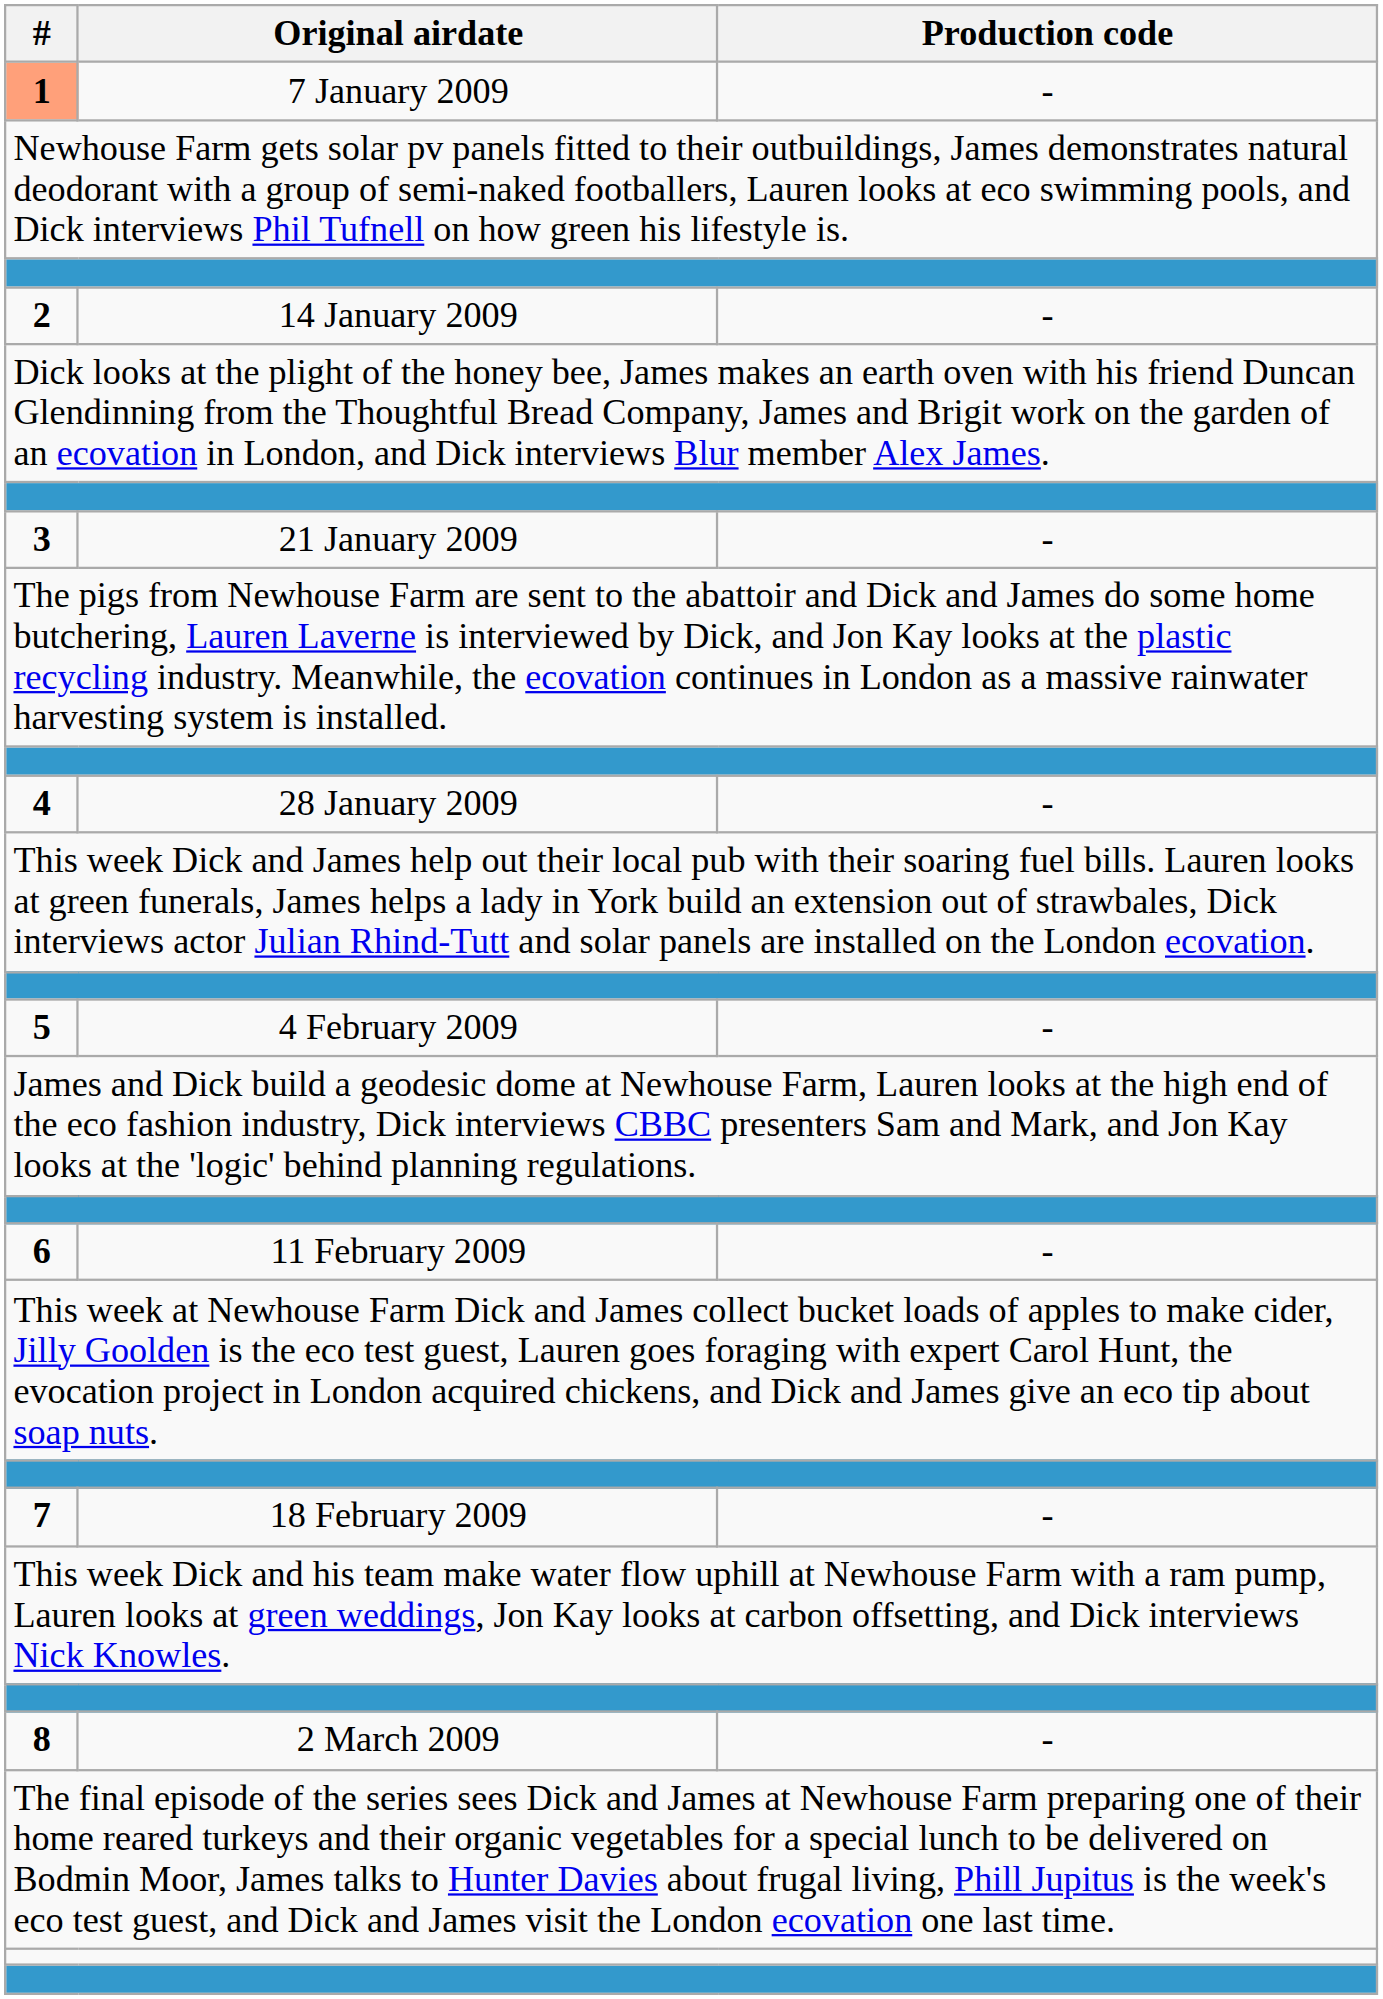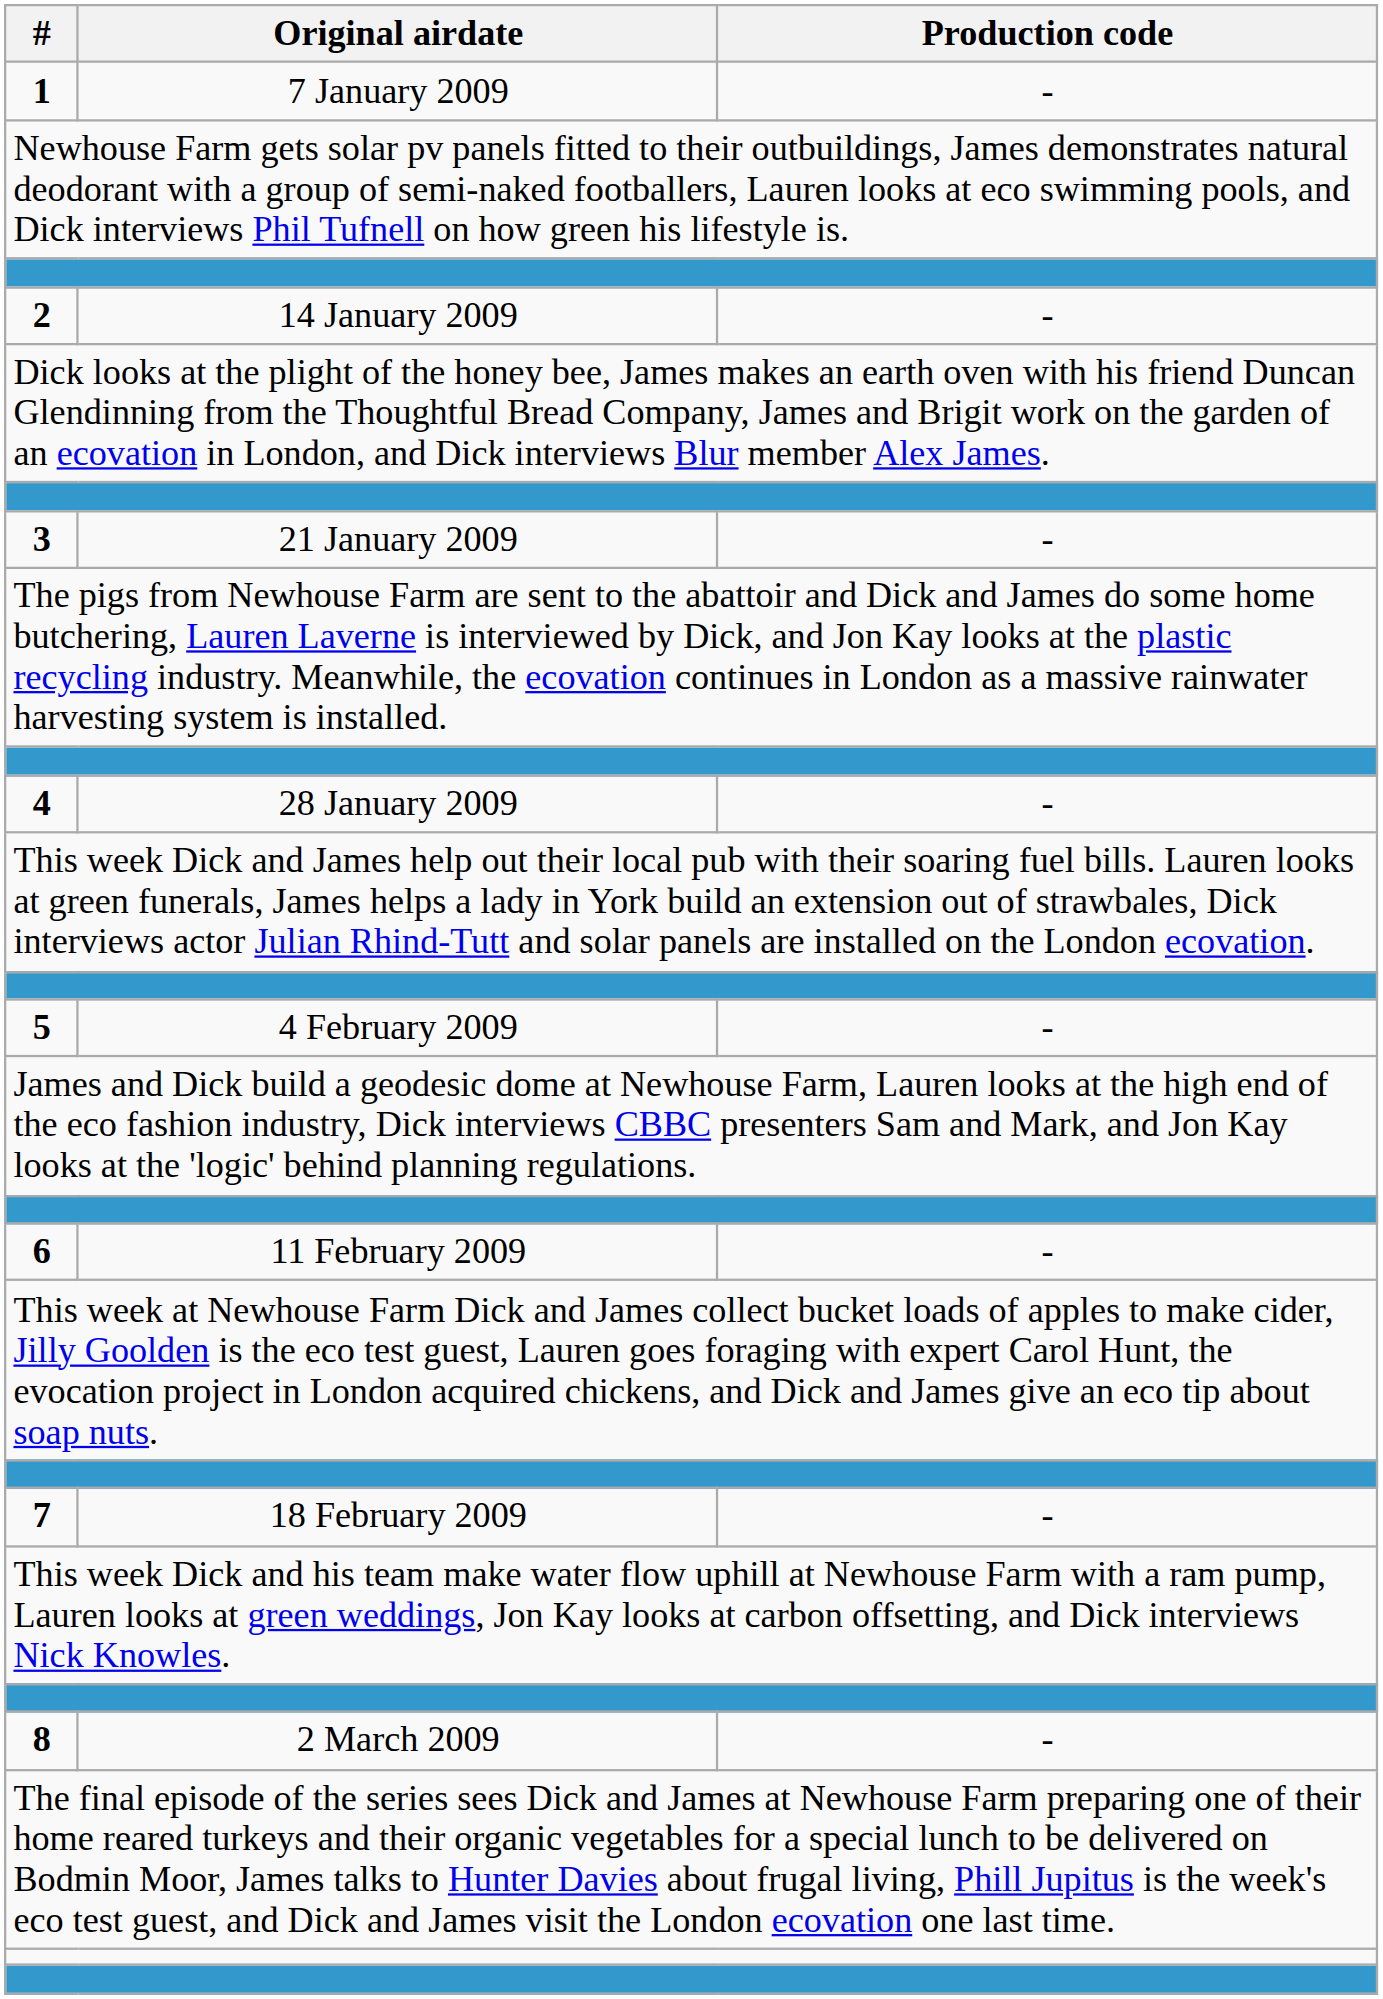 <table class="wikitable">
 <tr>
 <th width="40">#</th>
 <th width="465">Original airdate</th>
 <th width="465">Production code</th>
 </tr>
 <tr>
-<td align="center" style="background: lightsalmon;"><strong> 1 </strong></td>
+<td align="center"><strong> 1 </strong></td>
 <td align="center">7 January 2009</td>
 <td align="center">-</td>
 </tr>
 <tr>
 <td colspan="5">Newhouse Farm gets solar pv panels fitted to their outbuildings, James demonstrates natural deodorant with a group of semi-naked footballers, Lauren looks at eco swimming pools, and Dick interviews <a href='#'>Phil Tufnell</a> on how green his lifestyle is.</td>
 </tr>
 <tr>
 <td colspan="6" height="5" bgcolor="#3399CC"></td>
 </tr>
 <tr>
 <td align="center"><strong> 2 </strong></td>
 <td align="center">14 January 2009</td>
 <td align="center">-</td>
 </tr>
 <tr>
 <td colspan="4">Dick looks at the plight of the honey bee, James makes an earth oven with his friend Duncan Glendinning from the Thoughtful Bread Company, James and Brigit work on the garden of an <a href='#'>ecovation</a> in London, and Dick interviews <a href='#'>Blur</a> member <a href='#'>Alex James</a>.</td>
 </tr>
 <tr>
 <td colspan="6" height="5" bgcolor="#3399CC"></td>
 </tr>
 <tr>
 <td align="center"><strong> 3 </strong></td>
 <td align="center">21 January 2009</td>
 <td align="center">-</td>
 </tr>
 <tr>
 <td colspan="4">The pigs from Newhouse Farm are sent to the abattoir and Dick and James do some home butchering, <a href='#'>Lauren Laverne</a> is interviewed by Dick, and Jon Kay looks at the <a href='#'>plastic recycling</a> industry. Meanwhile, the <a href='#'>ecovation</a> continues in London as a massive rainwater harvesting system is installed.</td>
 </tr>
 <tr>
 <td colspan="6" height="5" bgcolor="#3399CC"></td>
 </tr>
 <tr>
 <td align="center"><strong> 4 </strong></td>
 <td align="center">28 January 2009</td>
 <td align="center">-</td>
 </tr>
 <tr>
 <td colspan="4">This week Dick and James help out their local pub with their soaring fuel bills. Lauren looks at green funerals, James helps a lady in York build an extension out of strawbales, Dick interviews actor <a href='#'>Julian Rhind-Tutt</a> and solar panels are installed on the London <a href='#'>ecovation</a>.</td>
 </tr>
 <tr>
 <td colspan="6" height="5" bgcolor="#3399CC"></td>
 </tr>
 <tr>
 <td align="center"><strong> 5 </strong></td>
 <td align="center">4 February 2009</td>
 <td align="center">-</td>
 </tr>
 <tr>
 <td colspan="4">James and Dick build a geodesic dome at Newhouse Farm, Lauren looks at the high end of the eco fashion industry, Dick interviews <a href='#'>CBBC</a> presenters Sam and Mark, and Jon Kay looks at the 'logic' behind planning regulations.</td>
 </tr>
 <tr>
 <td colspan="6" height="5" bgcolor="#3399CC"></td>
 </tr>
 <tr>
 <td align="center"><strong> 6 </strong></td>
 <td align="center">11 February 2009</td>
 <td align="center">-</td>
 </tr>
 <tr>
 <td colspan="4">This week at Newhouse Farm Dick and James collect bucket loads of apples to make cider, <a href='#'>Jilly Goolden</a> is the eco test guest, Lauren goes foraging with expert Carol Hunt, the evocation project in London acquired chickens, and Dick and James give an eco tip about <a href='#'>soap nuts</a>.</td>
 </tr>
 <tr>
 <td colspan="6" height="5" bgcolor="#3399CC"></td>
 </tr>
 <tr>
 <td align="center"><strong> 7 </strong></td>
 <td align="center">18 February 2009</td>
 <td align="center">-</td>
 </tr>
 <tr>
 <td colspan="4">This week Dick and his team make water flow uphill at Newhouse Farm with a ram pump, Lauren looks at <a href='#'>green weddings</a>, Jon Kay looks at carbon offsetting, and Dick interviews <a href='#'>Nick Knowles</a>.</td>
 </tr>
 <tr>
 <td colspan="6" height="5" bgcolor="#3399CC"></td>
 </tr>
 <tr>
 <td align="center"><strong> 8 </strong></td>
 <td align="center">2 March 2009</td>
 <td align="center">-</td>
 </tr>
 <tr>
 <td colspan="4">The final episode of the series sees Dick and James at Newhouse Farm preparing one of their home reared turkeys and their organic vegetables for a special lunch to be delivered on Bodmin Moor, James talks to <a href='#'>Hunter Davies</a> about frugal living, <a href='#'>Phill Jupitus</a> is the week's eco test guest, and Dick and James visit the London <a href='#'>ecovation</a> one last time.</td>
 </tr>
 <tr>
 <td colspan="5"></td>
 </tr>
 <tr>
 <td colspan="6" height="5" bgcolor="#3399CC"></td>
 </tr>
 </table>
